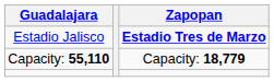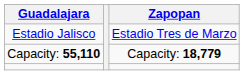 <table class=wikitable style="text-align:center"">
 <tr>
 <th><a href='#'>Guadalajara</a></th>
 <th rowspan="6"></th>
 <th><a href='#'>Zapopan</a></th>
 </tr>
 <tr>
 <td><a href='#'>Estadio Jalisco</a></td>
-<td><strong><a href='#'>Estadio Tres de Marzo</a></strong></td>
+<td><a href='#'>Estadio Tres de Marzo</a></td>
 </tr>
 <tr>
 <td>Capacity: <strong>55,110</strong></td>
 <td>Capacity: <strong>18,779</strong></td>
 </tr>
 <tr>
 <td></td>
 <td></td>
 </tr>
 </table>
